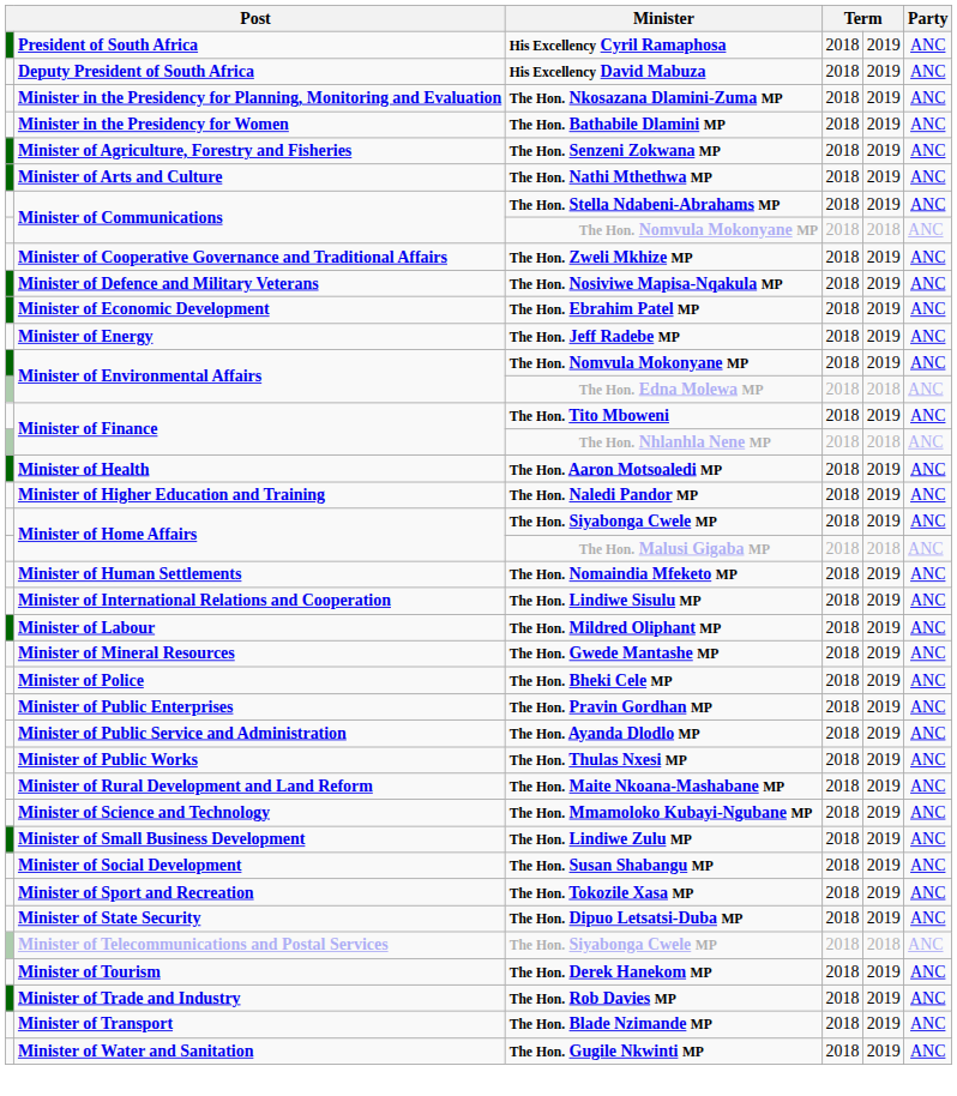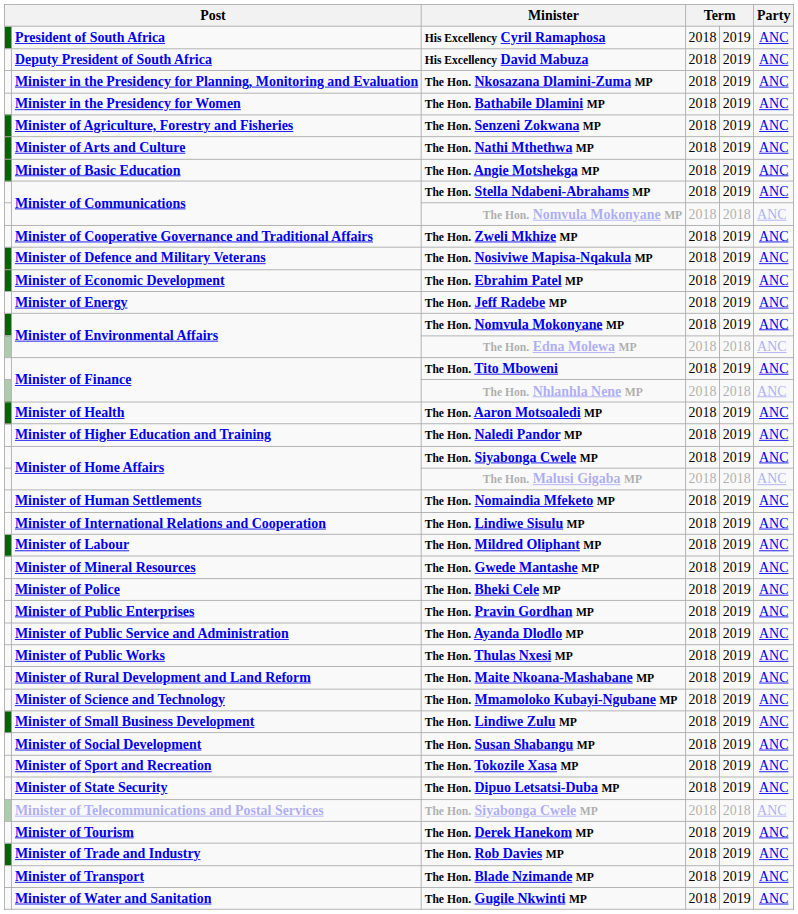 <table class="wikitable">
 <tr>
 <th colspan=2>Post</th>
 <th>Minister</th>
 <th colspan=2>Term</th>
 <th>Party</th>
 </tr>
 <tr>
 <td style="width:1px;; background:#006600;"></td>
 <td><strong><a href='#'>President of South Africa</a></strong></td>
 <td><strong><small>His Excellency</small> <a href='#'>Cyril Ramaphosa</a></strong></td>
 <td>2018</td>
 <td align="center">2019</td>
 <td align="center"><a href='#'>ANC</a></td>
 </tr>
 <tr>
 <td></td>
 <td><strong><a href='#'>Deputy President of South Africa</a></strong></td>
 <td><strong><small>His Excellency</small> <a href='#'>David Mabuza</a></strong></td>
 <td>2018</td>
 <td align="center">2019</td>
 <td align="center"><a href='#'>ANC</a></td>
 </tr>
 <tr>
 <td></td>
 <td><strong><a href='#'>Minister in the Presidency for Planning, Monitoring and Evaluation</a></strong></td>
 <td><strong><small>The Hon.</small> <a href='#'>Nkosazana Dlamini-Zuma</a> <small>MP</small></strong></td>
 <td>2018</td>
 <td align="center">2019</td>
 <td align="center"><a href='#'>ANC</a></td>
 </tr>
 <tr>
 <td></td>
 <td><strong><a href='#'>Minister in the Presidency for Women</a></strong></td>
 <td><strong><small>The Hon.</small> <a href='#'>Bathabile Dlamini</a> <small>MP</small></strong></td>
 <td>2018</td>
 <td align="center">2019</td>
 <td align="center"><a href='#'>ANC</a></td>
 </tr>
 <tr>
 <td style="width:1px;; background:#006600;"></td>
 <td><a href='#'><strong>Minister of Agriculture, Forestry and Fisheries</strong></a></td>
 <td><strong><small>The Hon.</small> <a href='#'>Senzeni Zokwana</a> <small>MP</small></strong></td>
 <td>2018</td>
 <td align="center">2019</td>
 <td align="center"><a href='#'>ANC</a></td>
 </tr>
 <tr>
 <td style="width:1px;; background:#006600;"></td>
 <td><strong><a href='#'>Minister of Arts and Culture</a></strong></td>
 <td><strong><small>The Hon.</small> <a href='#'>Nathi Mthethwa</a> <small>MP</small></strong></td>
+<td>2018</td>
+<td align="center">2019</td>
+<td align="center"><a href='#'>ANC</a></td>
+</tr>
+<tr>
+<td style="width:1px;; background:#006600;"></td>
+<td><a href='#'><strong>Minister of Basic Education</strong></a></td>
+<td><strong><small>The Hon.</small> <a href='#'>Angie Motshekga</a> <small>MP</small></strong></td>
 <td>2018</td>
 <td align="center">2019</td>
 <td align="center"><a href='#'>ANC</a></td>
 </tr>
 <tr>
 <td></td>
 <td rowspan="2"><a href='#'><strong>Minister of Communications</strong></a></td>
 <td><strong><small>The Hon.</small> <a href='#'>Stella Ndabeni-Abrahams</a> <small>MP</small></strong></td>
 <td>2018</td>
 <td align="center">2019</td>
 <td align="center"><a href='#'>ANC</a></td>
 </tr>
 <tr style="opacity:.3;">
 <td></td>
 <td style="padding-left:70px"><strong><small>The Hon.</small> <a href='#'>Nomvula Mokonyane</a> <small>MP</small></strong></td>
 <td>2018</td>
 <td>2018</td>
 <td><a href='#'>ANC</a></td>
 </tr>
 <tr>
 <td></td>
 <td><strong><a href='#'>Minister of Cooperative Governance and Traditional Affairs</a></strong></td>
 <td><strong><small>The Hon.</small> <a href='#'>Zweli Mkhize</a> <small>MP</small></strong></td>
 <td>2018</td>
 <td align="center">2019</td>
 <td align="center"><a href='#'>ANC</a></td>
 </tr>
 <tr>
 <td style="width:1px;; background:#006600;"></td>
 <td><strong><a href='#'>Minister of Defence and Military Veterans</a></strong></td>
 <td><strong><small>The Hon.</small> <a href='#'>Nosiviwe Mapisa-Nqakula</a> <small>MP</small></strong></td>
 <td>2018</td>
 <td align="center">2019</td>
 <td align="center"><a href='#'>ANC</a></td>
 </tr>
 <tr>
 <td style="width:1px;; background:#006600;"></td>
 <td><a href='#'><strong>Minister of Economic Development</strong></a></td>
 <td><strong><small>The Hon.</small> <a href='#'>Ebrahim Patel</a> <small>MP</small></strong></td>
 <td>2018</td>
 <td align="center">2019</td>
 <td align="center"><a href='#'>ANC</a></td>
 </tr>
 <tr>
 <td></td>
 <td><a href='#'><strong>Minister of Energy</strong></a></td>
 <td><strong><small>The Hon.</small> <a href='#'>Jeff Radebe</a> <small>MP</small></strong></td>
 <td>2018</td>
 <td align="center">2019</td>
 <td align="center"><a href='#'>ANC</a></td>
 </tr>
 <tr>
 <td style="width:1px;; background:#006600;"></td>
 <td rowspan="2"><strong><a href='#'>Minister of Environmental Affairs</a></strong></td>
 <td><strong><small>The Hon.</small> <a href='#'>Nomvula Mokonyane</a> <small>MP</small></strong></td>
 <td>2018</td>
 <td align="center">2019</td>
 <td align="center"><a href='#'>ANC</a></td>
 </tr>
 <tr style="opacity:.3;">
 <td style="width:1px;; background:#006600;"></td>
 <td style="padding-left:70px"><strong><small>The Hon.</small> <a href='#'>Edna Molewa</a> <small>MP</small></strong></td>
 <td>2018</td>
 <td>2018</td>
 <td><a href='#'>ANC</a></td>
 </tr>
 <tr>
 <td></td>
 <td rowspan="2"><a href='#'><strong>Minister of Finance</strong></a></td>
 <td><strong><small>The Hon.</small> <a href='#'>Tito Mboweni</a></strong></td>
 <td>2018</td>
 <td align="center">2019</td>
 <td align="center"><a href='#'>ANC</a></td>
 </tr>
 <tr style="opacity:.3;">
 <td style="width:1px;; background:#006600;"></td>
 <td style="padding-left:70px"><strong><small>The Hon.</small> <a href='#'>Nhlanhla Nene</a> <small>MP</small></strong></td>
 <td>2018</td>
 <td>2018</td>
 <td><a href='#'>ANC</a></td>
 </tr>
 <tr>
 <td style="width:1px;; background:#006600;"></td>
 <td><a href='#'><strong>Minister of Health</strong></a></td>
 <td><strong><small>The Hon.</small> <a href='#'>Aaron Motsoaledi</a> <small>MP</small></strong></td>
 <td>2018</td>
 <td align="center">2019</td>
 <td align="center"><a href='#'>ANC</a></td>
 </tr>
 <tr>
 <td></td>
 <td><strong><a href='#'>Minister of Higher Education and Training</a></strong></td>
 <td><strong><small>The Hon.</small> <a href='#'>Naledi Pandor</a> <small>MP</small></strong></td>
 <td>2018</td>
 <td align="center">2019</td>
 <td align="center"><a href='#'>ANC</a></td>
 </tr>
 <tr>
 <td></td>
 <td rowspan="2"><a href='#'><strong>Minister of Home Affairs</strong></a></td>
 <td><strong><small>The Hon.</small> <a href='#'>Siyabonga Cwele</a> <small>MP</small></strong></td>
 <td>2018</td>
 <td align="center">2019</td>
 <td align="center"><a href='#'>ANC</a></td>
 </tr>
 <tr style="opacity:.3;">
 <td></td>
 <td style="padding-left:70px"><strong><small>The Hon.</small> <a href='#'>Malusi Gigaba</a> <small>MP</small></strong></td>
 <td>2018</td>
 <td>2018</td>
 <td><a href='#'>ANC</a></td>
 </tr>
 <tr>
 <td></td>
 <td><a href='#'><strong>Minister of Human Settlements</strong></a></td>
 <td><strong><small>The Hon.</small> <a href='#'>Nomaindia Mfeketo</a> <small>MP</small></strong></td>
 <td>2018</td>
 <td align="center">2019</td>
 <td align="center"><a href='#'>ANC</a></td>
 </tr>
 <tr>
 <td></td>
 <td><strong><a href='#'>Minister of International Relations and Cooperation</a></strong></td>
 <td><strong><small>The Hon.</small> <a href='#'>Lindiwe Sisulu</a> <small>MP</small></strong></td>
 <td>2018</td>
 <td align="center">2019</td>
 <td align="center"><a href='#'>ANC</a></td>
 </tr>
 <tr>
 <td style="width:1px;; background:#006600;"></td>
 <td><a href='#'><strong>Minister of Labour</strong></a></td>
 <td><strong><small>The Hon.</small> <a href='#'>Mildred Oliphant</a> <small>MP</small></strong></td>
 <td>2018</td>
 <td align="center">2019</td>
 <td align="center"><a href='#'>ANC</a></td>
 </tr>
 <tr>
 <td></td>
 <td><a href='#'><strong>Minister of Mineral Resources</strong></a></td>
 <td><strong><small>The Hon.</small> <a href='#'>Gwede Mantashe</a> <small>MP</small></strong></td>
 <td>2018</td>
 <td align="center">2019</td>
 <td align="center"><a href='#'>ANC</a></td>
 </tr>
 <tr>
 <td></td>
 <td><a href='#'><strong>Minister of Police</strong></a></td>
 <td><strong><small>The Hon.</small> <a href='#'>Bheki Cele</a> <small>MP</small></strong></td>
 <td>2018</td>
 <td align="center">2019</td>
 <td align="center"><a href='#'>ANC</a></td>
 </tr>
 <tr>
 <td></td>
 <td><strong><a href='#'>Minister of Public Enterprises</a></strong></td>
 <td><strong><small>The Hon.</small> <a href='#'>Pravin Gordhan</a> <small>MP</small></strong></td>
 <td>2018</td>
 <td align="center">2019</td>
 <td align="center"><a href='#'>ANC</a></td>
 </tr>
 <tr>
 <td></td>
 <td><a href='#'><strong>Minister of Public Service and Administration</strong></a></td>
 <td><strong><small>The Hon.</small> <a href='#'>Ayanda Dlodlo</a> <small>MP</small></strong></td>
 <td>2018</td>
 <td align="center">2019</td>
 <td align="center"><a href='#'>ANC</a></td>
 </tr>
 <tr>
 <td></td>
 <td><a href='#'><strong>Minister of Public Works</strong></a></td>
 <td><strong><small>The Hon.</small> <a href='#'>Thulas Nxesi</a> <small>MP</small></strong></td>
 <td>2018</td>
 <td align="center">2019</td>
 <td align="center"><a href='#'>ANC</a></td>
 </tr>
 <tr>
 <td></td>
 <td><strong><a href='#'>Minister of Rural Development and Land Reform</a></strong></td>
 <td><strong><small>The Hon.</small> <a href='#'>Maite Nkoana-Mashabane</a> <small>MP</small></strong></td>
 <td>2018</td>
 <td align="center">2019</td>
 <td align="center"><a href='#'>ANC</a></td>
 </tr>
 <tr>
 <td></td>
 <td><a href='#'><strong>Minister of Science and Technology</strong></a></td>
 <td><strong><small>The Hon.</small> <a href='#'>Mmamoloko Kubayi-Ngubane</a> <small>MP</small></strong></td>
 <td>2018</td>
 <td align="center">2019</td>
 <td align="center"><a href='#'>ANC</a></td>
 </tr>
 <tr>
 <td style="width:1px;; background:#006600;"></td>
 <td><a href='#'><strong>Minister of Small Business Development</strong></a></td>
 <td><strong><small>The Hon.</small> <a href='#'>Lindiwe Zulu</a> <small>MP</small></strong></td>
 <td>2018</td>
 <td align="center">2019</td>
 <td align="center"><a href='#'>ANC</a></td>
 </tr>
 <tr>
 <td></td>
 <td><a href='#'><strong>Minister of Social Development</strong></a></td>
 <td><strong><small>The Hon.</small> <a href='#'>Susan Shabangu</a> <small>MP</small></strong></td>
 <td>2018</td>
 <td align="center">2019</td>
 <td align="center"><a href='#'>ANC</a></td>
 </tr>
 <tr>
 <td></td>
 <td><a href='#'><strong>Minister of Sport and Recreation</strong></a></td>
 <td><strong><small>The Hon.</small> <a href='#'>Tokozile Xasa</a> <small>MP</small></strong></td>
 <td>2018</td>
 <td align="center">2019</td>
 <td align="center"><a href='#'>ANC</a></td>
 </tr>
 <tr>
 <td></td>
 <td><a href='#'><strong>Minister of State Security</strong></a></td>
 <td><strong><small>The Hon.</small> <a href='#'>Dipuo Letsatsi-Duba</a> <small>MP</small></strong></td>
 <td>2018</td>
 <td align="center">2019</td>
 <td align="center"><a href='#'>ANC</a></td>
 </tr>
 <tr style="opacity:.3;">
 <td style="width:1px;; background:#006600;"></td>
 <td><a href='#'><strong>Minister of Telecommunications and Postal Services</strong></a></td>
 <td><strong><small>The Hon.</small> <a href='#'>Siyabonga Cwele</a> <small>MP</small></strong></td>
 <td>2018</td>
 <td>2018</td>
 <td><a href='#'>ANC</a></td>
 </tr>
 <tr>
 <td></td>
 <td><a href='#'><strong>Minister of Tourism</strong></a></td>
 <td><strong><small>The Hon.</small> <a href='#'>Derek Hanekom</a> <small>MP</small></strong></td>
 <td>2018</td>
 <td align="center">2019</td>
 <td align="center"><a href='#'>ANC</a></td>
 </tr>
 <tr>
 <td style="width:1px;; background:#006600;"></td>
 <td><a href='#'><strong>Minister of Trade and Industry</strong></a></td>
 <td><strong><small>The Hon.</small> <a href='#'>Rob Davies</a> <small>MP</small></strong></td>
 <td>2018</td>
 <td align="center">2019</td>
 <td align="center"><a href='#'>ANC</a></td>
 </tr>
 <tr>
 <td></td>
 <td><a href='#'><strong>Minister of Transport</strong></a></td>
 <td><strong><small>The Hon.</small> <a href='#'>Blade Nzimande</a> <small>MP</small></strong></td>
 <td>2018</td>
 <td align="center">2019</td>
 <td align="center"><a href='#'>ANC</a></td>
 </tr>
 <tr>
 <td></td>
 <td><a href='#'><strong>Minister of Water and Sanitation</strong></a></td>
 <td><strong><small>The Hon.</small> <a href='#'>Gugile Nkwinti</a> <small>MP</small></strong></td>
 <td>2018</td>
 <td align="center">2019</td>
 <td align="center"><a href='#'>ANC</a></td>
 </tr>
 </table>
